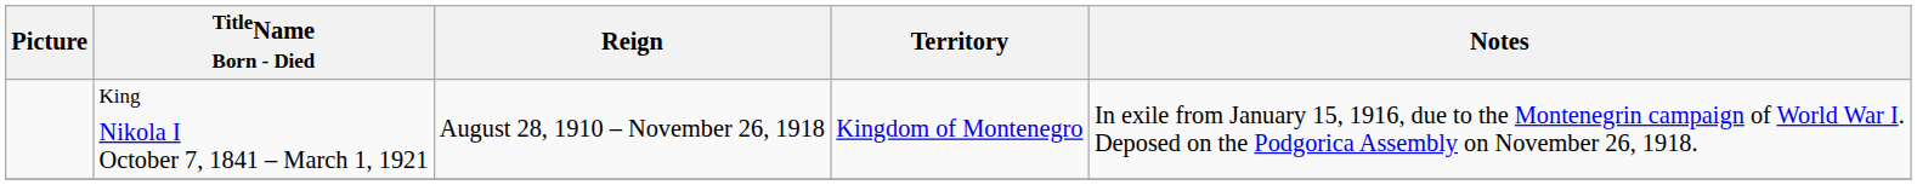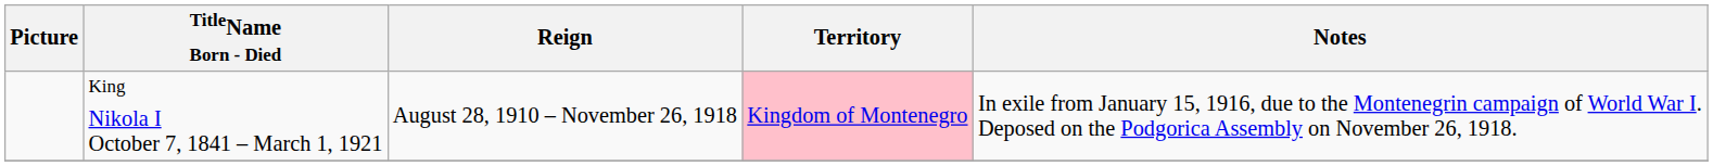 <table class="wikitable">
 <tr>
 <th>Picture</th>
 <th><sup>Title</sup>Name<br><small>Born - Died</small></th>
 <th>Reign</th>
 <th>Territory</th>
 <th>Notes</th>
 </tr>
 <tr ->
 <td></td>
 <td><sup>King</sup><br><a href='#'>Nikola I</a><br> October 7, 1841 – March 1, 1921</td>
 <td>August 28, 1910 – November 26, 1918</td>
-<td><a href='#'>Kingdom of Montenegro</a></td>
+<td style="background: pink;"><a href='#'>Kingdom of Montenegro</a></td>
 <td>In exile from January 15, 1916, due to the <a href='#'>Montenegrin campaign</a> of <a href='#'>World War I</a>. <br> Deposed on the <a href='#'>Podgorica Assembly</a> on November 26, 1918.</td>
 </tr>
 <tr ->
 </tr>
 </table>
